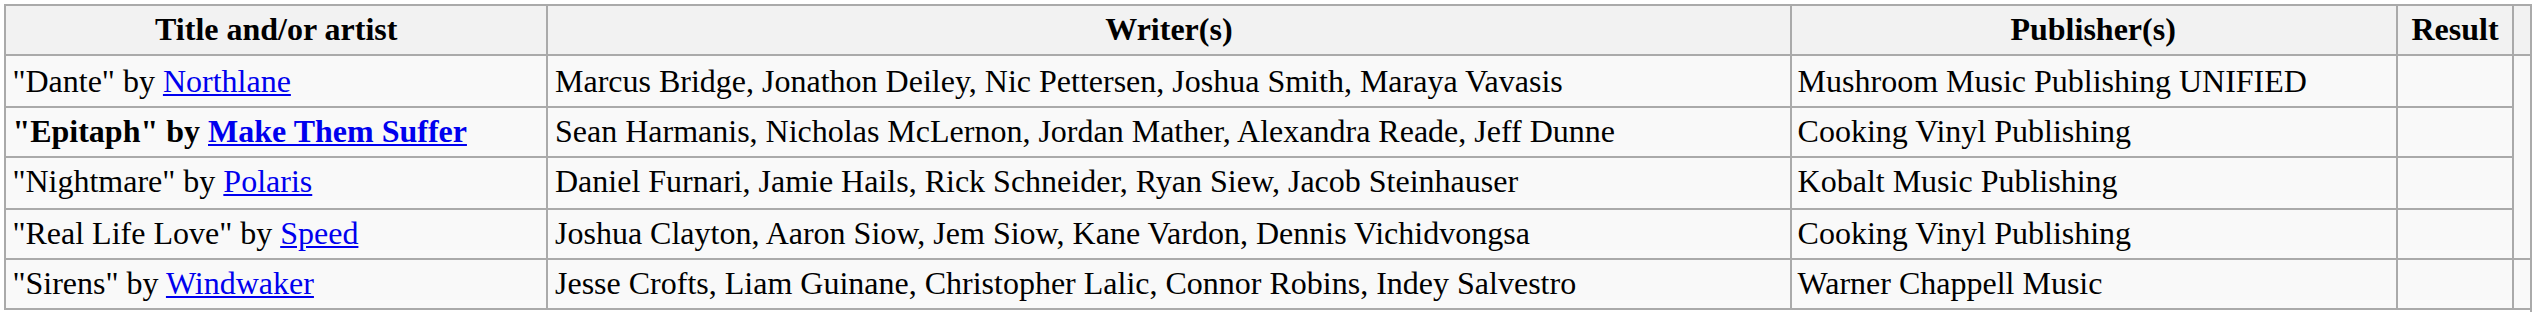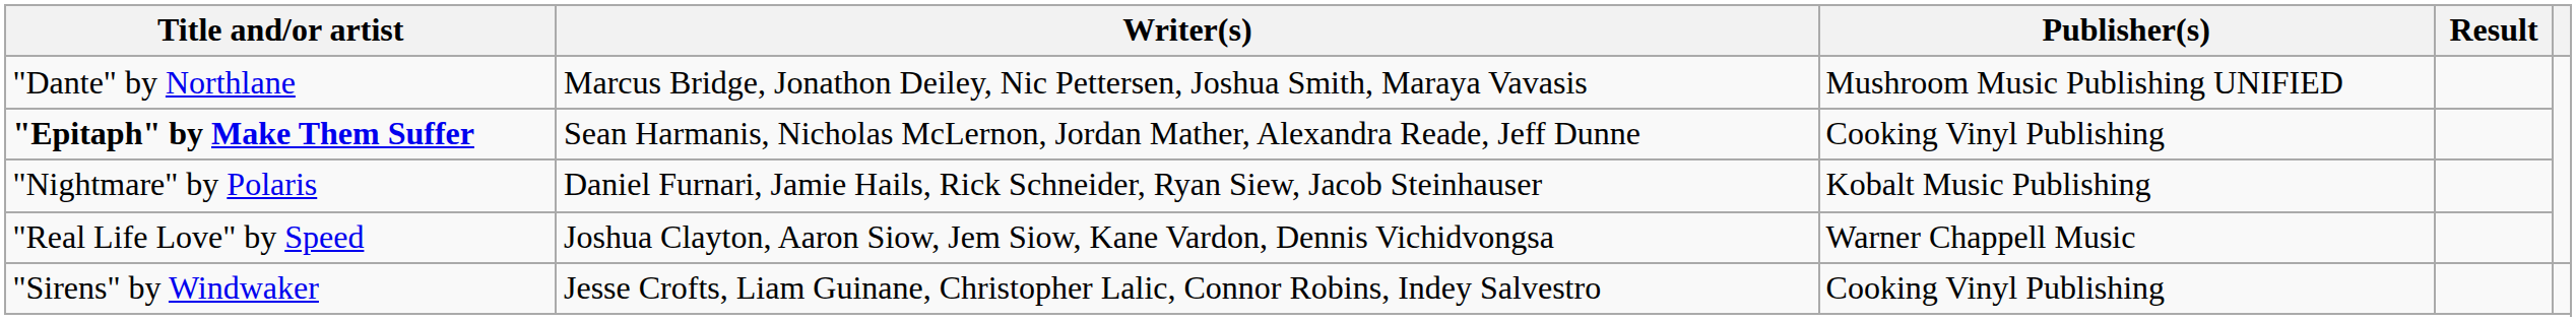 <table class="wikitable" width=100%>
 <tr>
 <th scope="col">Title and/or artist</th>
 <th scope="col">Writer(s)</th>
 <th scope="col">Publisher(s)</th>
 <th scope="col">Result</th>
 <th scope="col"></th>
 </tr>
 <tr>
 <td>"Dante" by <a href='#'>Northlane</a></td>
 <td>Marcus Bridge, Jonathon Deiley, Nic Pettersen, Joshua Smith, Maraya Vavasis</td>
 <td>Mushroom Music Publishing  UNIFIED</td>
 <td></td>
 </tr>
 <tr>
 <td><strong>"Epitaph" by <a href='#'>Make Them Suffer</a></strong></td>
 <td>Sean Harmanis, Nicholas McLernon, Jordan Mather, Alexandra Reade, Jeff Dunne</td>
 <td>Cooking Vinyl Publishing</td>
 <td></td>
 </tr>
 <tr>
 <td>"Nightmare" by <a href='#'>Polaris</a></td>
 <td>Daniel Furnari, Jamie Hails, Rick Schneider, Ryan Siew, Jacob Steinhauser</td>
 <td>Kobalt Music Publishing</td>
 <td></td>
 </tr>
 <tr>
 <td>"Real Life Love" by <a href='#'>Speed</a></td>
 <td>Joshua Clayton, Aaron Siow, Jem Siow, Kane Vardon, Dennis Vichidvongsa</td>
-<td>Cooking Vinyl Publishing</td>
+<td>Warner Chappell Music</td>
 <td></td>
 </tr>
 <tr>
 <td>"Sirens" by <a href='#'>Windwaker</a></td>
 <td>Jesse Crofts, Liam Guinane, Christopher Lalic, Connor Robins, Indey Salvestro</td>
-<td>Warner Chappell Music</td>
+<td>Cooking Vinyl Publishing</td>
 <td></td>
 <td rowspan="5"></td>
 </tr>
 <tr>
 </tr>
 </table>
